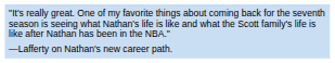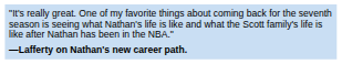 <table class="toccolours" style="float: right; margin-left: 1em; margin-right: 2em; font-size: 85%; background:#c9def3; color:black; width:35em; max-width: 40%;" cellspacing="5">
 <tr>
 <td style="text-align: left;">"It's really great. One of my favorite things about coming back for the seventh season is seeing what Nathan's life is like and what the Scott family's life is like after Nathan has been in the NBA."</td>
 </tr>
 <tr>
-<td style="text-align: left;">—Lafferty on Nathan's new career path.</td>
+<td style="text-align: left;"><strong>—Lafferty on Nathan's new career path.</strong></td>
 </tr>
 </table>
